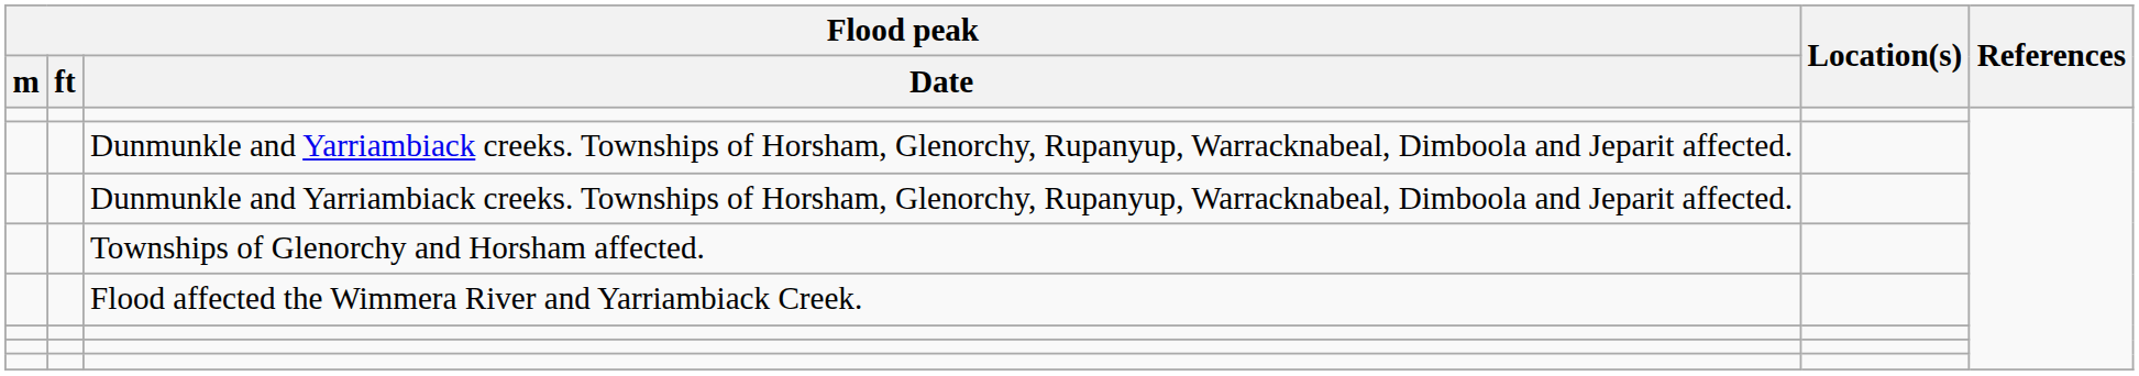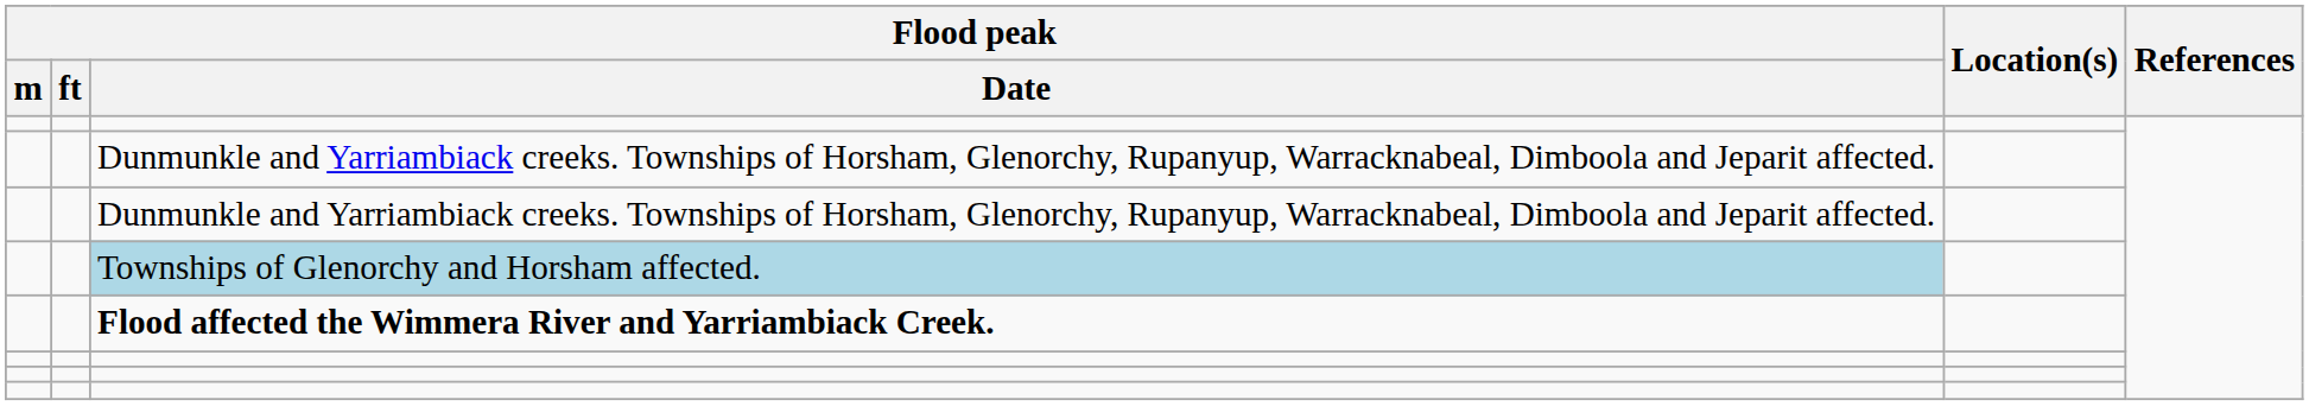 <table class="wikitable sortable">
 <tr style="background:#efefef;">
 <th colspan=3>Flood peak</th>
 <th rowspan=2>Location(s)</th>
 <th rowspan=2>References</th>
 </tr>
 <tr>
 <th>m</th>
 <th>ft</th>
 <th>Date</th>
 </tr>
 <tr>
 <td></td>
 <td></td>
 <td></td>
 <td></td>
 </tr>
 <tr>
 <td></td>
 <td></td>
 <td>Dunmunkle and <a href='#'>Yarriambiack</a> creeks. Townships of Horsham, Glenorchy, Rupanyup, Warracknabeal, Dimboola and Jeparit affected.</td>
 <td></td>
 </tr>
 <tr>
 <td></td>
 <td></td>
 <td>Dunmunkle and Yarriambiack creeks. Townships of Horsham, Glenorchy, Rupanyup, Warracknabeal, Dimboola and Jeparit affected.</td>
 <td></td>
 </tr>
 <tr>
 <td></td>
 <td></td>
-<td>Townships of Glenorchy and Horsham affected.</td>
+<td style="background: lightblue;">Townships of Glenorchy and Horsham affected.</td>
 <td></td>
 </tr>
 <tr>
 <td></td>
 <td></td>
-<td>Flood affected the Wimmera River and Yarriambiack Creek.</td>
+<td><strong>Flood affected the Wimmera River and Yarriambiack Creek.</strong></td>
 <td></td>
 </tr>
 <tr>
 <td></td>
 <td></td>
 <td></td>
 <td></td>
 </tr>
 <tr>
 <td></td>
 <td></td>
 <td></td>
 <td></td>
 </tr>
 <tr>
 <td></td>
 <td></td>
 <td></td>
 <td></td>
 </tr>
 </table>
